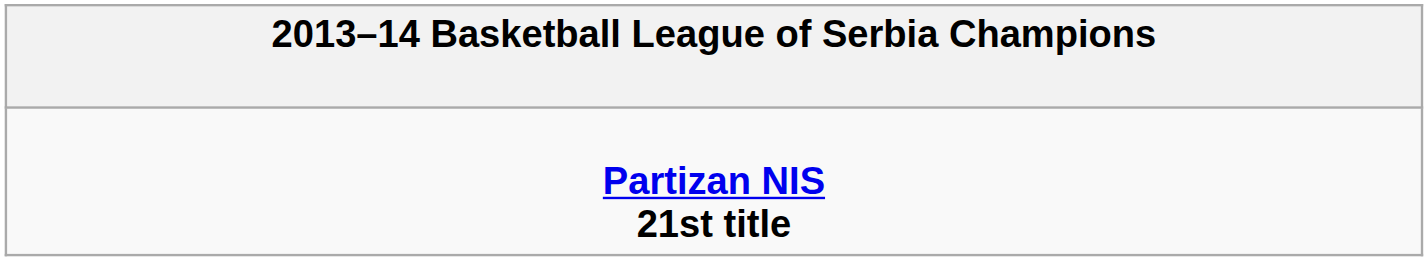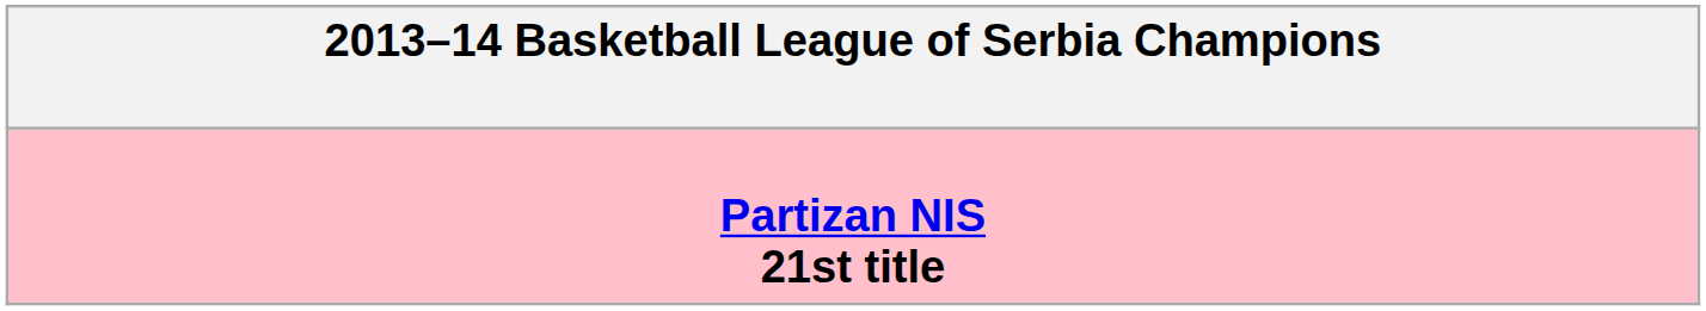 <table class="wikitable" style="margin: 0 auto; width: 30%;">
 <tr>
 <th>2013–14 Basketball League of Serbia Champions<br><br></th>
 </tr>
 <tr>
-<td align=center><br><strong><a href='#'>Partizan NIS</a></strong><br><strong>21st title</strong></td>
+<td align=center style="background: pink;"><br><strong><a href='#'>Partizan NIS</a></strong><br><strong>21st title</strong></td>
 </tr>
 </table>
